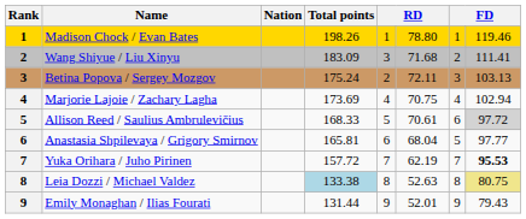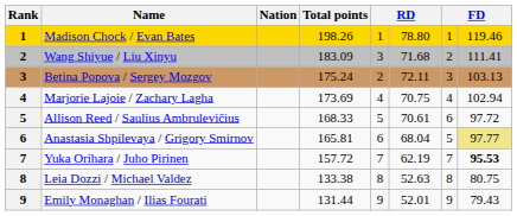 <table class="wikitable sortable">
 <tr>
 <th>Rank</th>
 <th>Name</th>
 <th>Nation</th>
 <th>Total points</th>
 <th colspan="2" width="80px"><a href='#'>RD</a></th>
 <th colspan="2" width="80px"><a href='#'>FD</a></th>
 </tr>
 <tr bgcolor="gold">
 <td align="center"><strong>1</strong></td>
 <td><a href='#'>Madison Chock</a> / <a href='#'>Evan Bates</a></td>
 <td></td>
 <td align="center">198.26</td>
 <td align="center">1</td>
 <td align="center">78.80</td>
 <td align="center">1</td>
 <td align="center">119.46</td>
 </tr>
 <tr bgcolor="silver">
 <td align="center"><strong>2</strong></td>
 <td><a href='#'>Wang Shiyue</a> / <a href='#'>Liu Xinyu</a></td>
 <td></td>
 <td align="center">183.09</td>
 <td align="center">3</td>
 <td align="center">71.68</td>
 <td align="center">2</td>
 <td align="center">111.41</td>
 </tr>
 <tr bgcolor="cc9966">
 <td align="center"><strong>3</strong></td>
 <td><a href='#'>Betina Popova</a> / <a href='#'>Sergey Mozgov</a></td>
 <td></td>
 <td align="center">175.24</td>
 <td align="center">2</td>
 <td align="center">72.11</td>
 <td align="center">3</td>
 <td align="center">103.13</td>
 </tr>
 <tr>
 <th>4</th>
 <td><a href='#'>Marjorie Lajoie</a> / <a href='#'>Zachary Lagha</a></td>
 <td></td>
 <td align="center">173.69</td>
 <td align="center">4</td>
 <td align="center">70.75</td>
 <td align="center">4</td>
 <td align="center">102.94</td>
 </tr>
 <tr>
 <th>5</th>
 <td><a href='#'>Allison Reed</a> / <a href='#'>Saulius Ambrulevičius</a></td>
 <td></td>
 <td align="center">168.33</td>
 <td align="center">5</td>
 <td align="center">70.61</td>
 <td align="center">6</td>
-<td align="center" style="background: lightgrey;">97.72</td>
+<td align="center">97.72</td>
 </tr>
 <tr>
 <th>6</th>
 <td><a href='#'>Anastasia Shpilevaya</a> / <a href='#'>Grigory Smirnov</a></td>
 <td></td>
 <td align="center">165.81</td>
 <td align="center">6</td>
 <td align="center">68.04</td>
 <td align="center">5</td>
-<td align="center">97.77</td>
+<td align="center" style="background: khaki;">97.77</td>
 </tr>
 <tr>
 <th>7</th>
 <td><a href='#'>Yuka Orihara</a> / <a href='#'>Juho Pirinen</a></td>
 <td></td>
 <td align="center">157.72</td>
 <td align="center">7</td>
 <td align="center">62.19</td>
 <td align="center">7</td>
 <td align="center"><strong>95.53</strong></td>
 </tr>
 <tr>
 <th>8</th>
 <td><a href='#'>Leia Dozzi</a> / <a href='#'>Michael Valdez</a></td>
 <td></td>
-<td align="center" style="background: lightblue;">133.38</td>
+<td align="center">133.38</td>
 <td align="center">8</td>
 <td align="center">52.63</td>
 <td align="center">8</td>
-<td align="center" style="background: khaki;">80.75</td>
+<td align="center">80.75</td>
 </tr>
 <tr>
 <th>9</th>
 <td><a href='#'>Emily Monaghan</a> / <a href='#'>Ilias Fourati</a></td>
 <td></td>
 <td align="center">131.44</td>
 <td align="center">9</td>
 <td align="center">52.01</td>
 <td align="center">9</td>
 <td align="center">79.43</td>
 </tr>
 </table>
